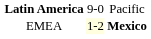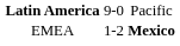 <table>
 <tr>
 <td align=center><strong>Latin America</strong></td>
 <td align=center>9-0</td>
 <td align=center>Pacific</td>
 </tr>
 <tr>
 <td align=center>EMEA</td>
-<td align=center style="background: lightyellow;">1-2</td>
+<td align=center>1-2</td>
 <td align=center><strong>Mexico</strong></td>
 </tr>
 </table>
